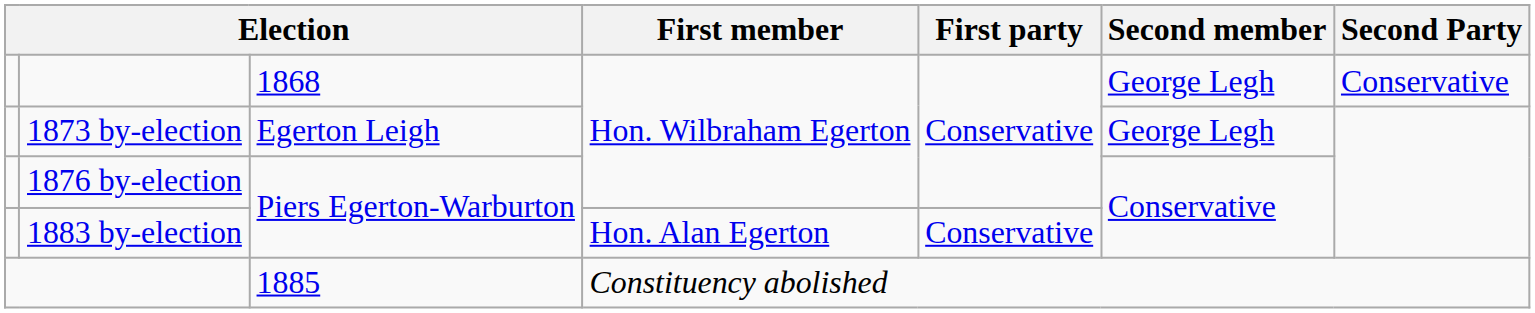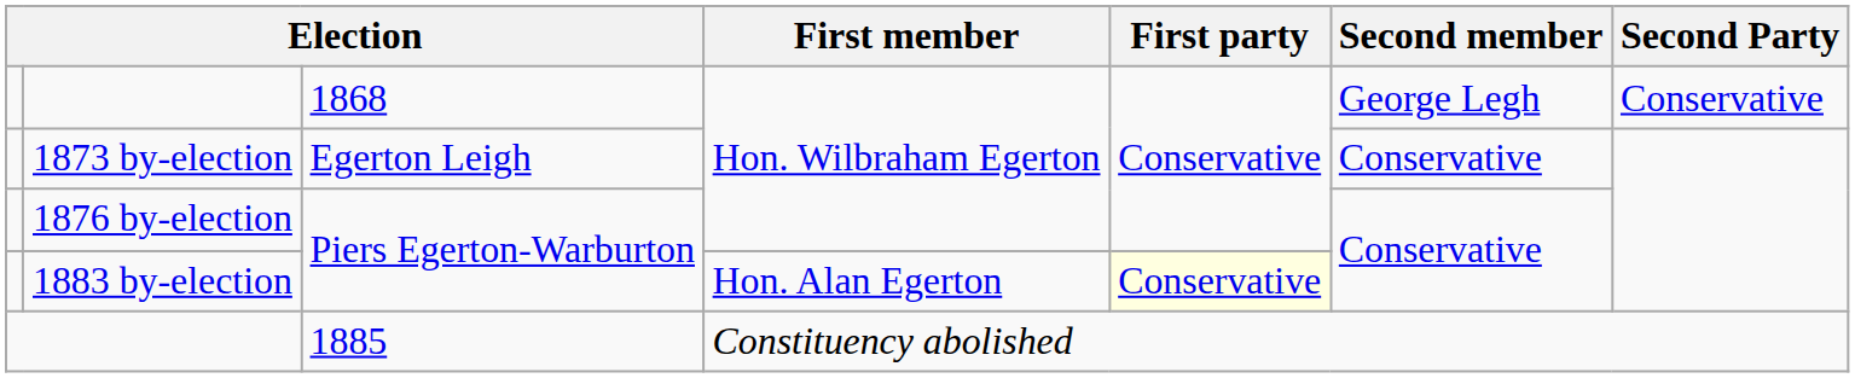 <table class="wikitable">
 <tr>
 <th colspan="3">Election</th>
 <th>First member</th>
 <th>First party</th>
 <th>Second member</th>
 <th>Second Party</th>
 </tr>
 <tr>
 <td style="color:inherit;background-color: "></td>
 <td style="color:inherit;background-color: "></td>
 <td><a href='#'>1868</a></td>
 <td rowspan="3"><a href='#'>Hon. Wilbraham Egerton</a></td>
 <td rowspan="3"><a href='#'>Conservative</a></td>
 <td><a href='#'>George Legh</a></td>
 <td><a href='#'>Conservative</a></td>
 </tr>
 <tr>
 <td style="color:inherit;background-color: "></td>
 <td><a href='#'>1873 by-election</a></td>
 <td><a href='#'>Egerton Leigh</a></td>
-<td><a href='#'>George Legh</a></td>
+<td><a href='#'>Conservative</a></td>
 </tr>
 <tr>
 <td style="color:inherit;background-color: "></td>
 <td><a href='#'>1876 by-election</a></td>
 <td rowspan="2"><a href='#'>Piers Egerton-Warburton</a></td>
 <td rowspan="2"><a href='#'>Conservative</a></td>
 </tr>
 <tr>
 <td style="color:inherit;background-color: "></td>
 <td><a href='#'>1883 by-election</a></td>
 <td><a href='#'>Hon. Alan Egerton</a></td>
-<td><a href='#'>Conservative</a></td>
+<td style="background: lightyellow;"><a href='#'>Conservative</a></td>
 </tr>
 <tr>
 <td colspan="2"></td>
 <td><a href='#'>1885</a></td>
 <td colspan="4"><em>Constituency abolished</em></td>
 </tr>
 </table>
